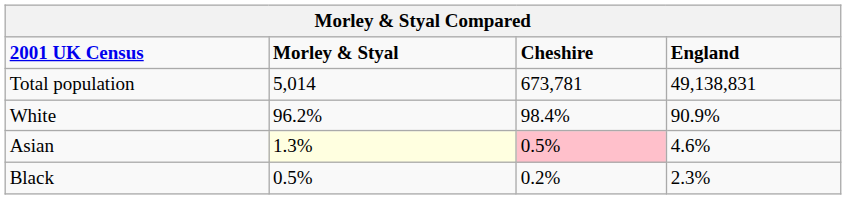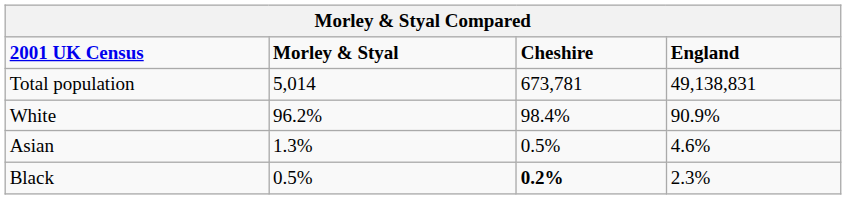 <table class="wikitable" id="toc" style="float: right; margin-left: 1em; width: 40%; font-size: 90%;" cellspacing="5">
 <tr>
 <th colspan="4"><strong>Morley & Styal Compared</strong></th>
 </tr>
 <tr>
 <td><strong><a href='#'>2001 UK Census</a></strong></td>
 <td><strong>Morley & Styal</strong></td>
 <td><strong>Cheshire</strong></td>
 <td><strong>England</strong></td>
 </tr>
 <tr>
 <td>Total population</td>
 <td>5,014</td>
 <td>673,781</td>
 <td>49,138,831</td>
 </tr>
 <tr>
 <td>White</td>
 <td>96.2%</td>
 <td>98.4%</td>
 <td>90.9%</td>
 </tr>
 <tr>
 <td>Asian</td>
-<td style="background: lightyellow;">1.3%</td>
-<td style="background: pink;">0.5%</td>
+<td>1.3%</td>
+<td>0.5%</td>
 <td>4.6%</td>
 </tr>
 <tr>
 <td>Black</td>
 <td>0.5%</td>
-<td>0.2%</td>
+<td><strong>0.2%</strong></td>
 <td>2.3%</td>
 </tr>
 </table>
